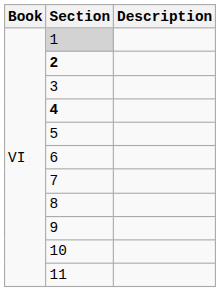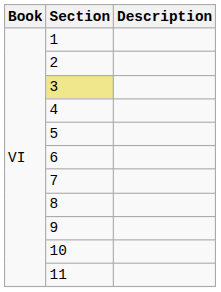 <table class="wikitable" style="max-width:45em;">
 <tr>
 <th>Book</th>
 <th>Section</th>
 <th>Description</th>
 </tr>
 <tr>
 <td rowspan="11">VI</td>
-<td style="background: lightgrey;">1</td>
+<td>1</td>
 <td></td>
 </tr>
 <tr>
-<td><strong>2</strong></td>
+<td>2</td>
 <td></td>
 </tr>
 <tr>
-<td>3</td>
+<td style="background: khaki;">3</td>
 <td></td>
 </tr>
 <tr>
-<td><strong>4</strong></td>
+<td>4</td>
 <td></td>
 </tr>
 <tr>
 <td>5</td>
 <td></td>
 </tr>
 <tr>
 <td>6</td>
 <td></td>
 </tr>
 <tr>
 <td>7</td>
 <td></td>
 </tr>
 <tr>
 <td>8</td>
 <td></td>
 </tr>
 <tr>
 <td>9</td>
 <td></td>
 </tr>
 <tr>
 <td>10</td>
 <td></td>
 </tr>
 <tr>
 <td>11</td>
 <td></td>
 </tr>
 </table>
